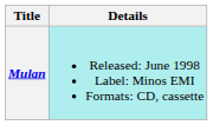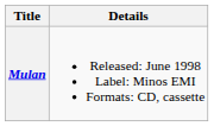 <table class="wikitable plainrowheaders" style="text-align:center;">
 <tr>
 <th scope="col">Title</th>
 <th scope="col">Details</th>
 </tr>
 <tr>
 <th scope="row"><em><a href='#'>Mulan</a></em></th>
-<td style="background: paleturquoise;"><br><ul><li>Released: June 1998</li><li>Label: Minos EMI</li><li>Formats: CD, cassette</li></ul></td>
+<td><br><ul><li>Released: June 1998</li><li>Label: Minos EMI</li><li>Formats: CD, cassette</li></ul></td>
 </tr>
 </table>
